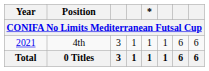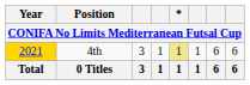 <table class="wikitable" style="text-align: center;">
 <tr>
 <th>Year</th>
 <th>Position</th>
 <th></th>
 <th></th>
 <th>*</th>
 <th></th>
 <th></th>
 <th></th>
 </tr>
 <tr>
 <th colspan=8><a href='#'>CONIFA No Limits Mediterranean Futsal Cup</a></th>
 </tr>
 <tr>
-<td> <a href='#'>2021</a></td>
+<td style="background: gold;"> <a href='#'>2021</a></td>
 <td>4th</td>
 <td>3</td>
 <td>1</td>
-<td>1</td>
+<td style="background: khaki;">1</td>
 <td>1</td>
 <td>6</td>
 <td>6</td>
 </tr>
 <tr>
 <th>Total</th>
 <th>0 Titles</th>
 <th>3</th>
 <th>1</th>
 <th>1</th>
 <th>1</th>
 <th>6</th>
 <th>6</th>
 </tr>
 </table>
